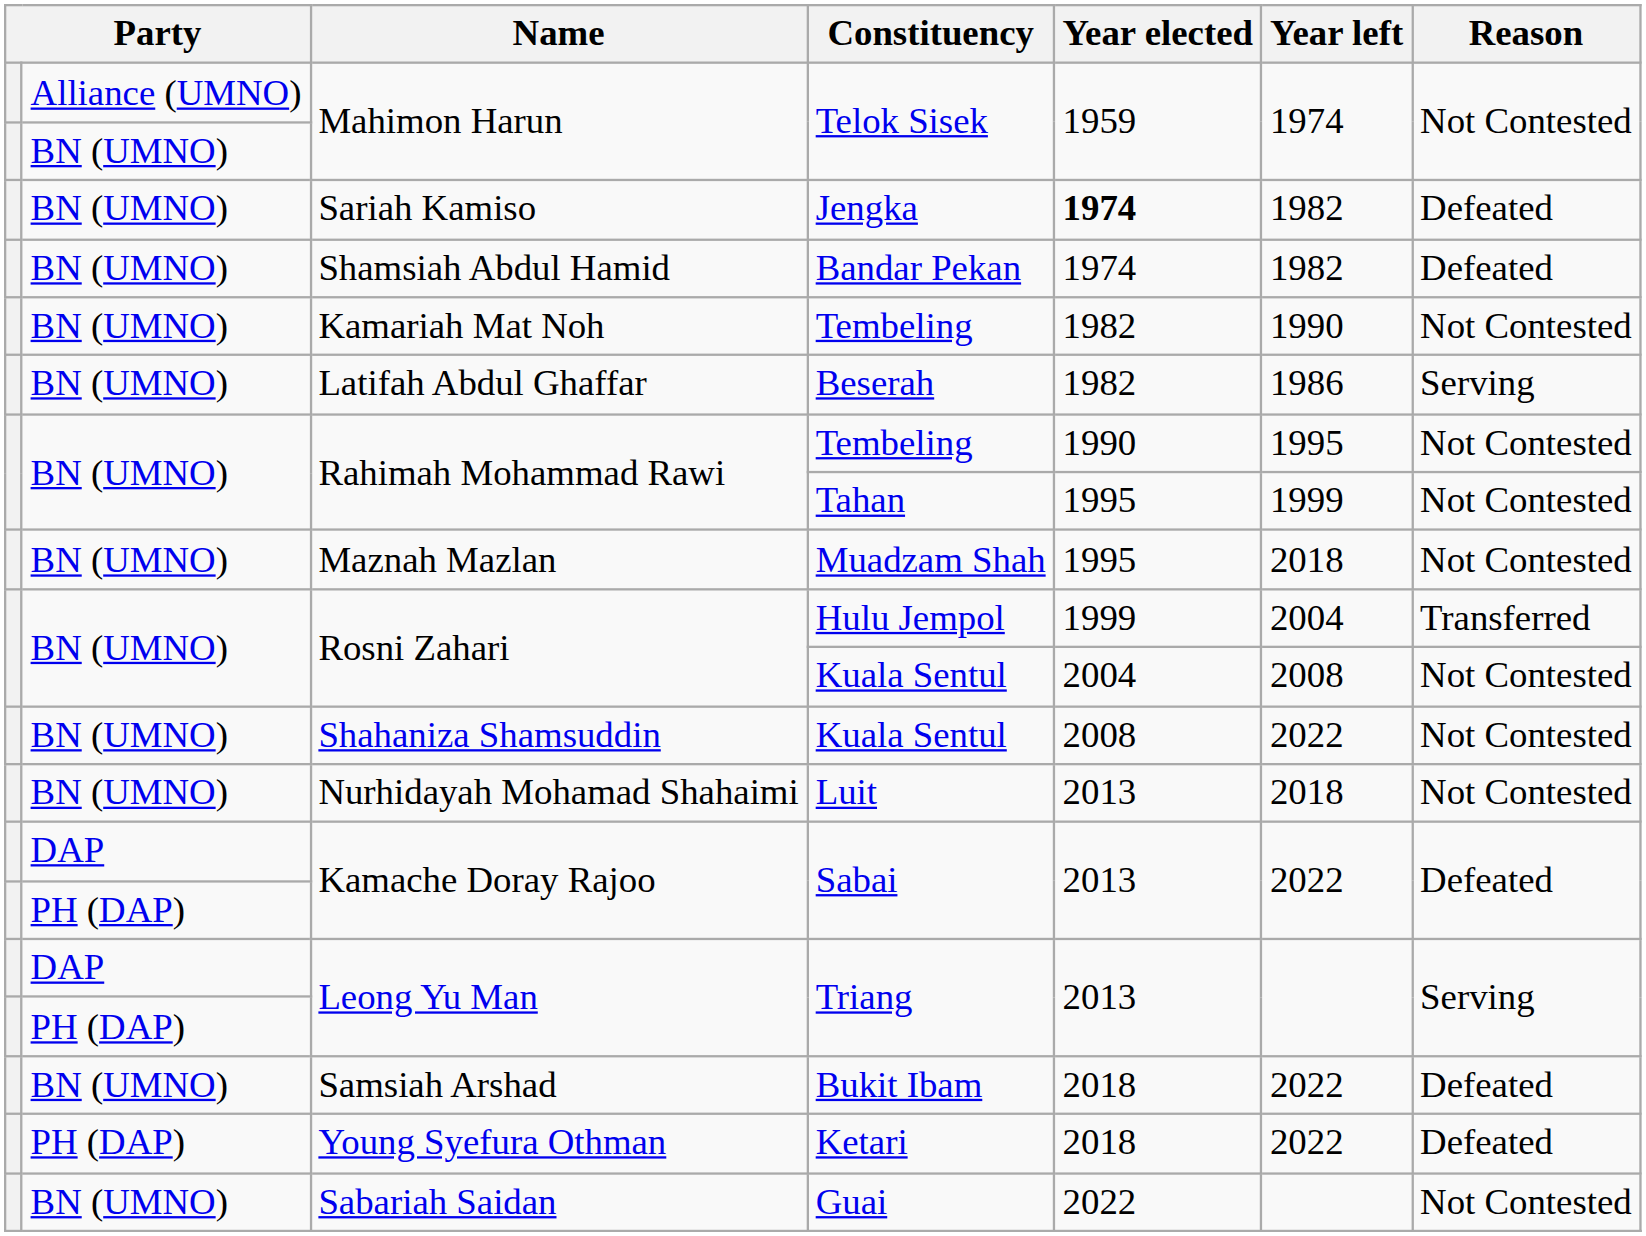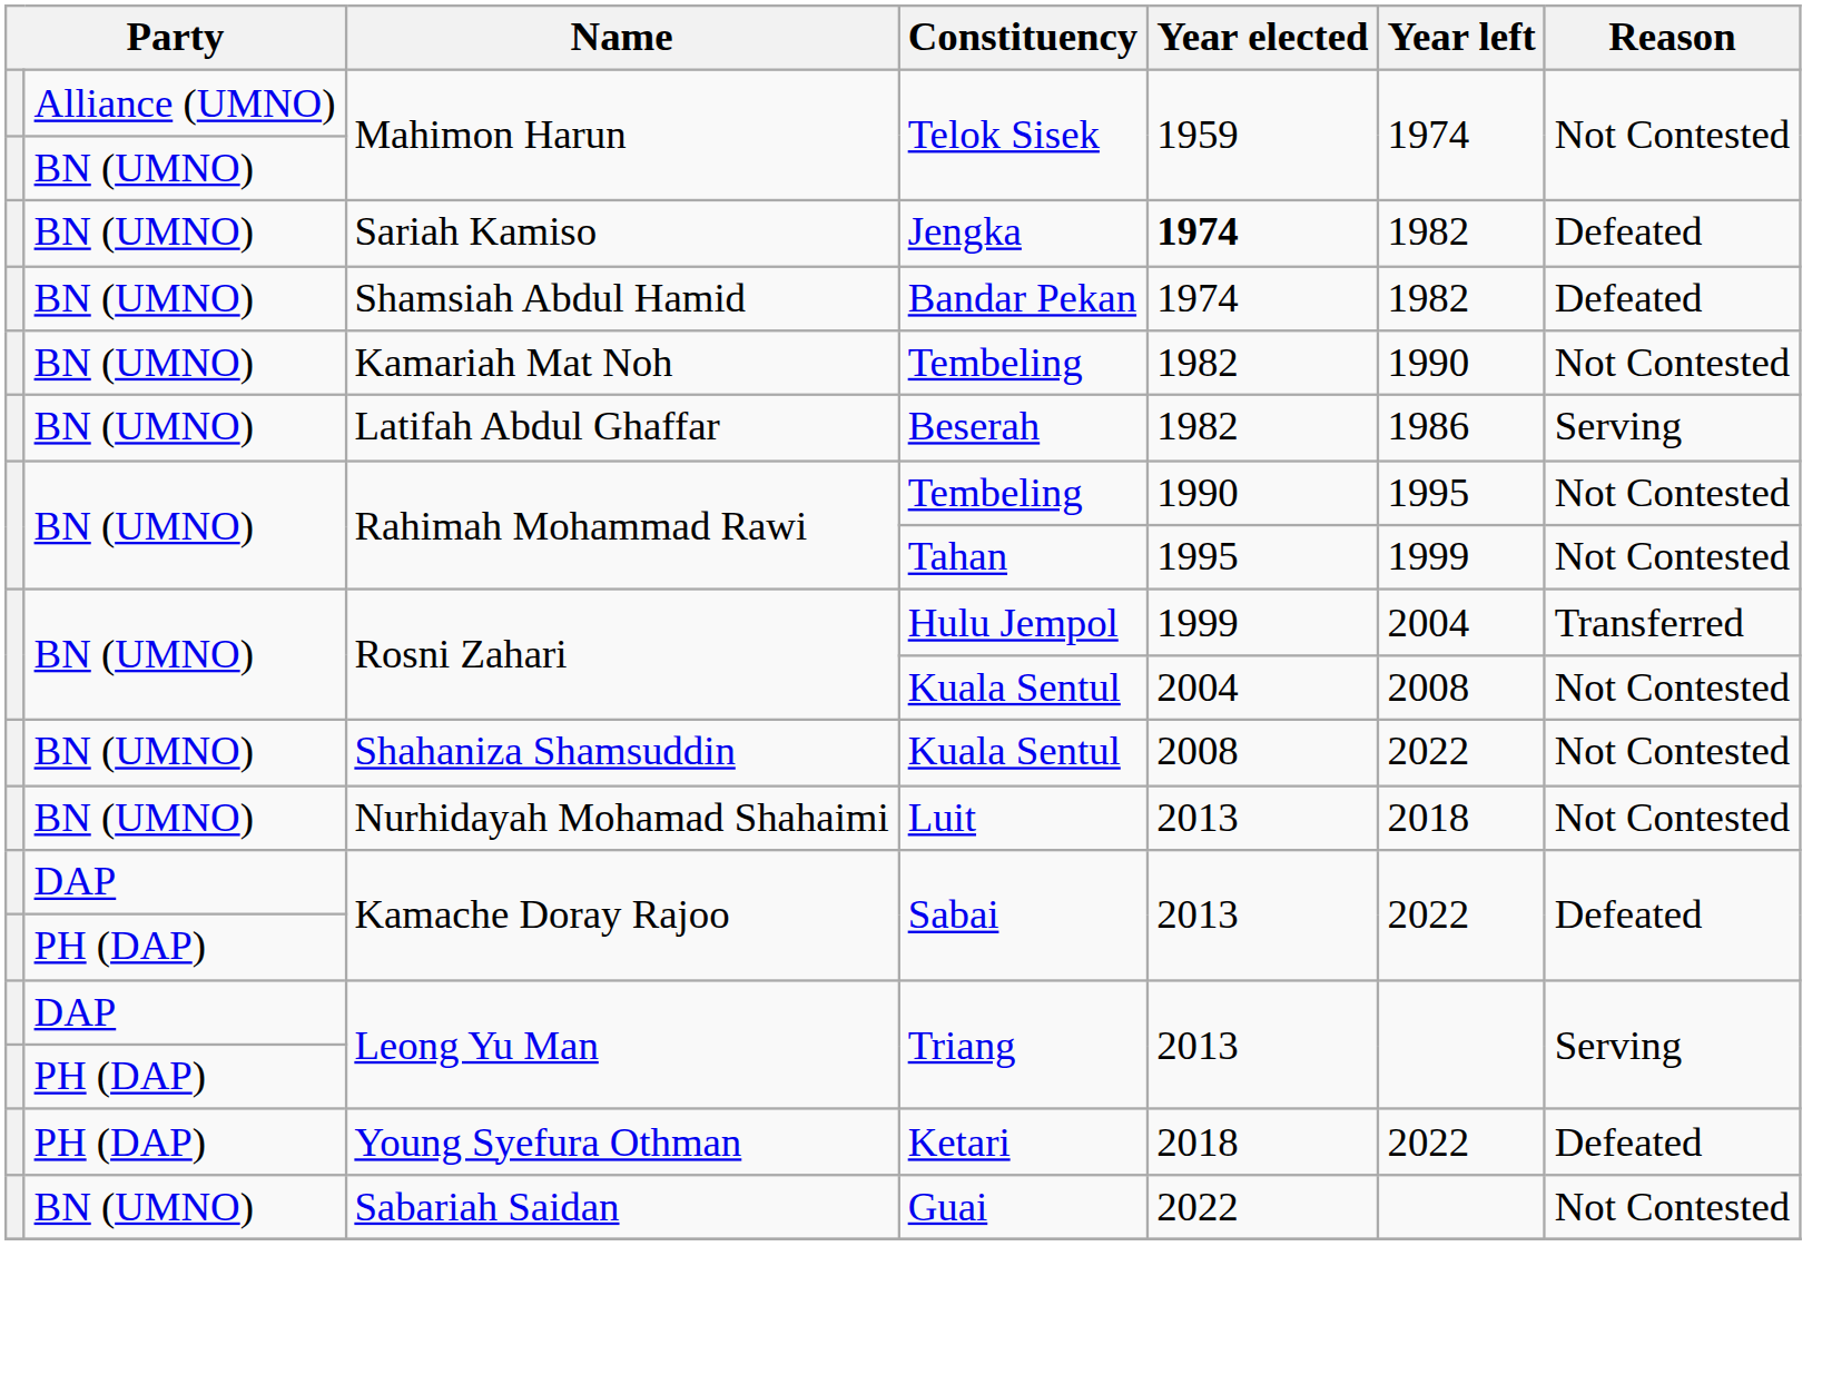 <table class="wikitable sortable">
 <tr>
 <th colspan=2>Party</th>
 <th>Name</th>
 <th>Constituency</th>
 <th>Year elected</th>
 <th>Year left</th>
 <th>Reason</th>
 </tr>
 <tr>
 <th style="background-color: "></th>
 <td><a href='#'>Alliance</a> (<a href='#'>UMNO</a>)</td>
 <td rowspan=2>Mahimon Harun</td>
 <td rowspan=2><a href='#'>Telok Sisek</a></td>
 <td rowspan=2>1959</td>
 <td rowspan=2>1974</td>
 <td rowspan=2>Not Contested</td>
 </tr>
 <tr>
 <th style="background-color: "></th>
 <td><a href='#'>BN</a> (<a href='#'>UMNO</a>)</td>
 </tr>
 <tr>
 <th style="background-color: "></th>
 <td><a href='#'>BN</a> (<a href='#'>UMNO</a>)</td>
 <td>Sariah Kamiso</td>
 <td><a href='#'>Jengka</a></td>
 <td><strong>1974</strong></td>
 <td>1982</td>
 <td>Defeated</td>
 </tr>
 <tr>
 <th style="background-color: "></th>
 <td><a href='#'>BN</a> (<a href='#'>UMNO</a>)</td>
 <td>Shamsiah Abdul Hamid</td>
 <td><a href='#'>Bandar Pekan</a></td>
 <td>1974</td>
 <td>1982</td>
 <td>Defeated</td>
 </tr>
 <tr>
 <th style="background-color: "></th>
 <td><a href='#'>BN</a> (<a href='#'>UMNO</a>)</td>
 <td>Kamariah Mat Noh</td>
 <td><a href='#'>Tembeling</a></td>
 <td>1982</td>
 <td>1990</td>
 <td>Not Contested</td>
 </tr>
 <tr>
 <th style="background-color: "></th>
 <td><a href='#'>BN</a> (<a href='#'>UMNO</a>)</td>
 <td>Latifah Abdul Ghaffar</td>
 <td><a href='#'>Beserah</a></td>
 <td>1982</td>
 <td>1986</td>
 <td>Serving</td>
 </tr>
 <tr>
 <th rowspan=2 style="background-color: "></th>
 <td rowspan=2><a href='#'>BN</a> (<a href='#'>UMNO</a>)</td>
 <td rowspan=2>Rahimah Mohammad Rawi</td>
 <td><a href='#'>Tembeling</a></td>
 <td>1990</td>
 <td>1995</td>
 <td>Not Contested</td>
 </tr>
 <tr>
 <td><a href='#'>Tahan</a></td>
 <td>1995</td>
 <td>1999</td>
 <td>Not Contested</td>
 </tr>
 <tr>
-<th style="background-color: "></th>
-<td><a href='#'>BN</a> (<a href='#'>UMNO</a>)</td>
-<td>Maznah Mazlan</td>
-<td><a href='#'>Muadzam Shah</a></td>
-<td>1995</td>
-<td>2018</td>
-<td>Not Contested</td>
-</tr>
-<tr>
 <th rowspan=2 style="background-color: "></th>
 <td rowspan=2><a href='#'>BN</a> (<a href='#'>UMNO</a>)</td>
 <td rowspan=2>Rosni Zahari</td>
 <td><a href='#'>Hulu Jempol</a></td>
 <td>1999</td>
 <td>2004</td>
 <td>Transferred</td>
 </tr>
 <tr>
 <td><a href='#'>Kuala Sentul</a></td>
 <td>2004</td>
 <td>2008</td>
 <td>Not Contested</td>
 </tr>
 <tr>
 <th style="background-color: "></th>
 <td><a href='#'>BN</a> (<a href='#'>UMNO</a>)</td>
 <td><a href='#'>Shahaniza Shamsuddin</a></td>
 <td><a href='#'>Kuala Sentul</a></td>
 <td>2008</td>
 <td>2022</td>
 <td>Not Contested</td>
 </tr>
 <tr>
 <th style="background-color: "></th>
 <td><a href='#'>BN</a> (<a href='#'>UMNO</a>)</td>
 <td>Nurhidayah Mohamad Shahaimi</td>
 <td><a href='#'>Luit</a></td>
 <td>2013</td>
 <td>2018</td>
 <td>Not Contested</td>
 </tr>
 <tr>
 <th style="background-color: "></th>
 <td><a href='#'>DAP</a></td>
 <td rowspan=2>Kamache Doray Rajoo</td>
 <td rowspan=2><a href='#'>Sabai</a></td>
 <td rowspan=2>2013</td>
 <td rowspan=2>2022</td>
 <td rowspan=2>Defeated</td>
 </tr>
 <tr>
 <th style="background-color: "></th>
 <td><a href='#'>PH</a> (<a href='#'>DAP</a>)</td>
 </tr>
 <tr>
 <th style="background-color: "></th>
 <td><a href='#'>DAP</a></td>
 <td rowspan=2><a href='#'>Leong Yu Man</a></td>
 <td rowspan=2><a href='#'>Triang</a></td>
 <td rowspan=2>2013</td>
 <td rowspan=2></td>
 <td rowspan=2>Serving</td>
 </tr>
 <tr>
 <th style="background-color: "></th>
 <td><a href='#'>PH</a> (<a href='#'>DAP</a>)</td>
 </tr>
 <tr>
 <th style="background-color: "></th>
-<td><a href='#'>BN</a> (<a href='#'>UMNO</a>)</td>
-<td>Samsiah Arshad</td>
-<td><a href='#'>Bukit Ibam</a></td>
-<td>2018</td>
-<td>2022</td>
-<td>Defeated</td>
-</tr>
-<tr>
-<th style="background-color: "></th>
 <td><a href='#'>PH</a> (<a href='#'>DAP</a>)</td>
 <td><a href='#'>Young Syefura Othman</a></td>
 <td><a href='#'>Ketari</a></td>
 <td>2018</td>
 <td>2022</td>
 <td>Defeated</td>
 </tr>
 <tr>
 <th style="background-color: "></th>
 <td><a href='#'>BN</a> (<a href='#'>UMNO</a>)</td>
 <td><a href='#'>Sabariah Saidan</a></td>
 <td><a href='#'>Guai</a></td>
 <td>2022</td>
 <td></td>
 <td>Not Contested</td>
 </tr>
 <tr>
 </tr>
 </table>
